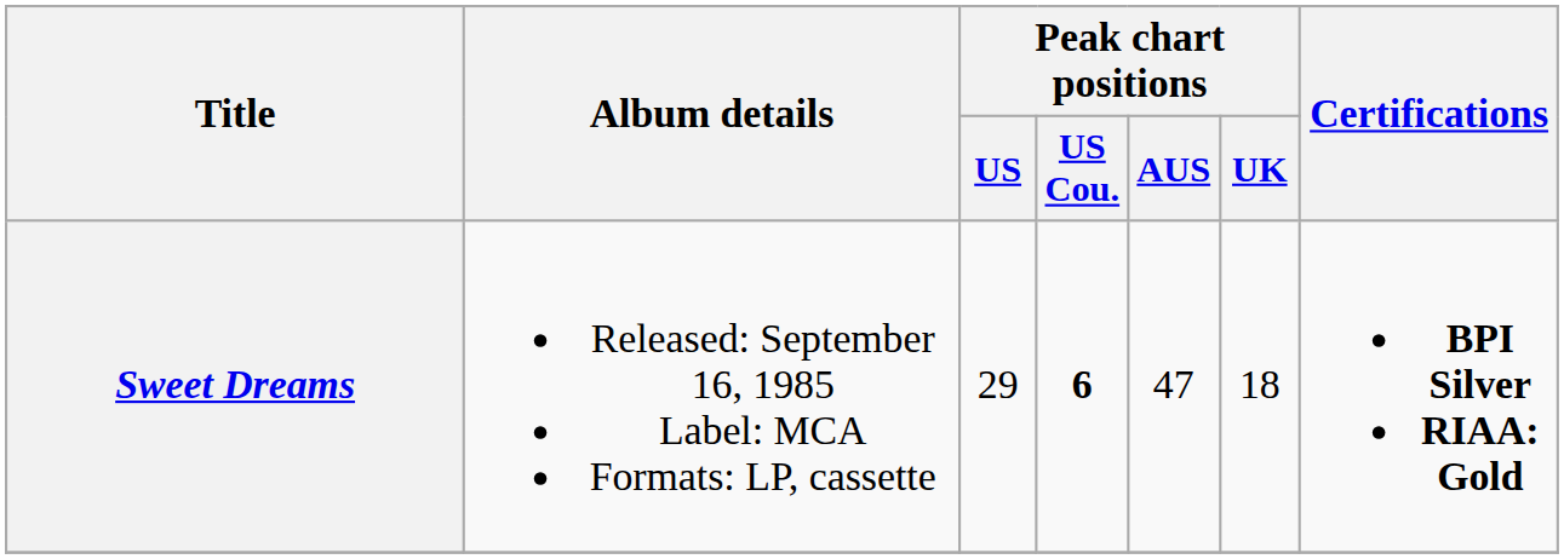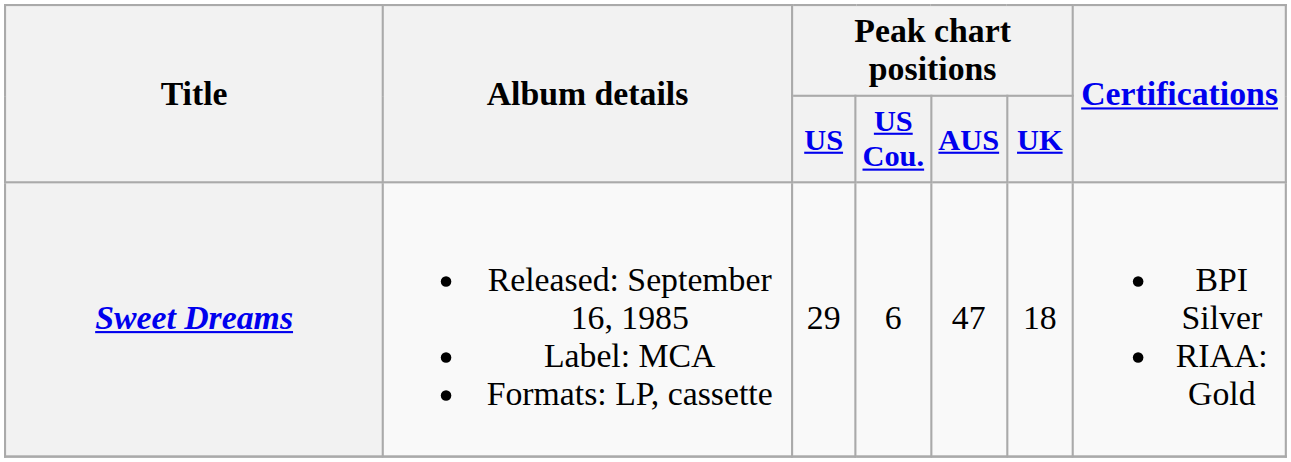 <table class="wikitable plainrowheaders" style="text-align:center;" border="1">
 <tr>
 <th scope="col" rowspan="2" style="width:19em;">Title</th>
 <th scope="col" rowspan="2" style="width:17em;">Album details</th>
 <th scope="col" colspan="4">Peak chart<br>positions</th>
 <th scope="col" rowspan="2"><a href='#'>Certifications</a></th>
 </tr>
 <tr>
 <th scope="col" style="width:2em;font-size:90%;"><a href='#'>US</a><br></th>
 <th scope="col" style="width:2em;font-size:90%;"><a href='#'>US<br>Cou.</a><br></th>
 <th scope="col" style="width:2em;font-size:90%;"><a href='#'>AUS</a><br></th>
 <th scope="col" style="width:2em;font-size:90%;"><a href='#'>UK</a><br></th>
 </tr>
 <tr>
 <th scope="row"><em><a href='#'>Sweet Dreams</a></em></th>
 <td><br><ul><li>Released: September 16, 1985</li><li>Label: MCA</li><li>Formats: LP, cassette</li></ul></td>
 <td>29</td>
-<td><strong>6</strong></td>
+<td>6</td>
 <td>47</td>
 <td>18</td>
-<td><strong><br><ul><li>BPI Silver</li><li>RIAA: Gold</li></ul></strong></td>
+<td><br><ul><li>BPI Silver</li><li>RIAA: Gold</li></ul></td>
 </tr>
 <tr>
 </tr>
 </table>
